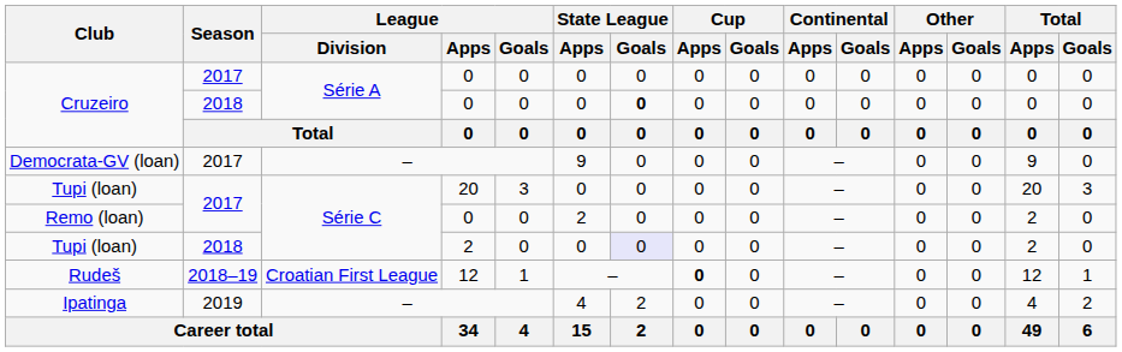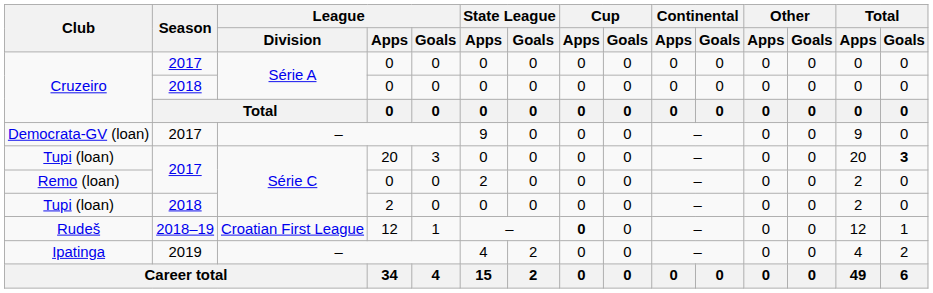 <table class="wikitable" style="text-align: center">
 <tr>
 <th rowspan="2">Club</th>
 <th rowspan="2">Season</th>
 <th colspan="3">League</th>
 <th colspan="2">State League</th>
 <th colspan="2">Cup</th>
 <th colspan="2">Continental</th>
 <th colspan="2">Other</th>
 <th colspan="2">Total</th>
 </tr>
 <tr>
 <th>Division</th>
 <th>Apps</th>
 <th>Goals</th>
 <th>Apps</th>
 <th>Goals</th>
 <th>Apps</th>
 <th>Goals</th>
 <th>Apps</th>
 <th>Goals</th>
 <th>Apps</th>
 <th>Goals</th>
 <th>Apps</th>
 <th>Goals</th>
 </tr>
 <tr>
 <td rowspan="3"><a href='#'>Cruzeiro</a></td>
 <td><a href='#'>2017</a></td>
 <td rowspan="2"><a href='#'>Série A</a></td>
 <td>0</td>
 <td>0</td>
 <td>0</td>
 <td>0</td>
 <td>0</td>
 <td>0</td>
 <td>0</td>
 <td>0</td>
 <td>0</td>
 <td>0</td>
 <td>0</td>
 <td>0</td>
 </tr>
 <tr>
 <td><a href='#'>2018</a></td>
 <td>0</td>
 <td>0</td>
 <td>0</td>
-<td><strong>0</strong></td>
+<td>0</td>
 <td>0</td>
 <td>0</td>
 <td>0</td>
 <td>0</td>
 <td>0</td>
 <td>0</td>
 <td>0</td>
 <td>0</td>
 </tr>
 <tr>
 <th colspan="2"><strong>Total</strong></th>
 <th>0</th>
 <th>0</th>
 <th>0</th>
 <th>0</th>
 <th>0</th>
 <th>0</th>
 <th>0</th>
 <th>0</th>
 <th>0</th>
 <th>0</th>
 <th>0</th>
 <th>0</th>
 </tr>
 <tr>
 <td><a href='#'>Democrata-GV</a> (loan)</td>
 <td>2017</td>
 <td colspan="3">–</td>
 <td>9</td>
 <td>0</td>
 <td>0</td>
 <td>0</td>
 <td colspan="2">–</td>
 <td>0</td>
 <td>0</td>
 <td>9</td>
 <td>0</td>
 </tr>
 <tr>
 <td><a href='#'>Tupi</a> (loan)</td>
 <td rowspan="2"><a href='#'>2017</a></td>
 <td rowspan="3"><a href='#'>Série C</a></td>
 <td>20</td>
 <td>3</td>
 <td>0</td>
 <td>0</td>
 <td>0</td>
 <td>0</td>
 <td colspan="2">–</td>
 <td>0</td>
 <td>0</td>
 <td>20</td>
-<td>3</td>
+<td><strong>3</strong></td>
 </tr>
 <tr>
 <td><a href='#'>Remo</a> (loan)</td>
 <td>0</td>
 <td>0</td>
 <td>2</td>
 <td>0</td>
 <td>0</td>
 <td>0</td>
 <td colspan="2">–</td>
 <td>0</td>
 <td>0</td>
 <td>2</td>
 <td>0</td>
 </tr>
 <tr>
 <td><a href='#'>Tupi</a> (loan)</td>
 <td><a href='#'>2018</a></td>
 <td>2</td>
 <td>0</td>
 <td>0</td>
-<td style="background: lavender;">0</td>
+<td>0</td>
 <td>0</td>
 <td>0</td>
 <td colspan="2">–</td>
 <td>0</td>
 <td>0</td>
 <td>2</td>
 <td>0</td>
 </tr>
 <tr>
 <td><a href='#'>Rudeš</a></td>
 <td><a href='#'>2018–19</a></td>
 <td><a href='#'>Croatian First League</a></td>
 <td>12</td>
 <td>1</td>
 <td colspan="2">–</td>
 <td><strong>0</strong></td>
 <td>0</td>
 <td colspan="2">–</td>
 <td>0</td>
 <td>0</td>
 <td>12</td>
 <td>1</td>
 </tr>
 <tr>
 <td><a href='#'>Ipatinga</a></td>
 <td>2019</td>
 <td colspan="3">–</td>
 <td>4</td>
 <td>2</td>
 <td>0</td>
 <td>0</td>
 <td colspan="2">–</td>
 <td>0</td>
 <td>0</td>
 <td>4</td>
 <td>2</td>
 </tr>
 <tr>
 <th colspan="3"><strong>Career total</strong></th>
 <th>34</th>
 <th>4</th>
 <th>15</th>
 <th>2</th>
 <th>0</th>
 <th>0</th>
 <th>0</th>
 <th>0</th>
 <th>0</th>
 <th>0</th>
 <th>49</th>
 <th>6</th>
 </tr>
 </table>
